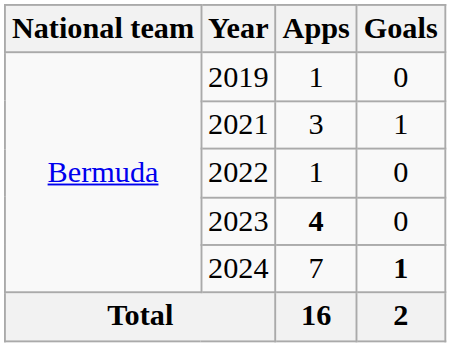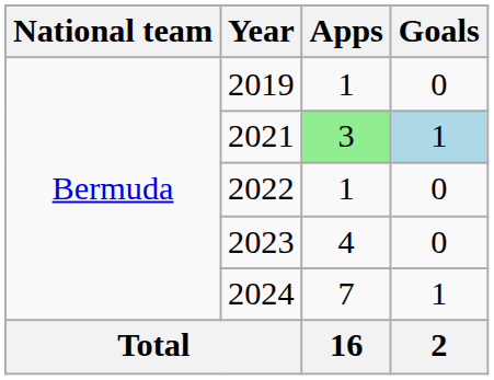 <table class="wikitable" style="text-align: center;">
 <tr>
 <th>National team</th>
 <th>Year</th>
 <th>Apps</th>
 <th>Goals</th>
 </tr>
 <tr>
 <td rowspan="5"><a href='#'>Bermuda</a></td>
 <td>2019</td>
 <td>1</td>
 <td>0</td>
 </tr>
 <tr>
 <td>2021</td>
-<td>3</td>
-<td>1</td>
+<td style="background: lightgreen;">3</td>
+<td style="background: lightblue;">1</td>
 </tr>
 <tr>
 <td>2022</td>
 <td>1</td>
 <td>0</td>
 </tr>
 <tr>
 <td>2023</td>
-<td><strong>4</strong></td>
+<td>4</td>
 <td>0</td>
 </tr>
 <tr>
 <td>2024</td>
 <td>7</td>
-<td><strong>1</strong></td>
+<td>1</td>
 </tr>
 <tr>
 <th colspan="2">Total</th>
 <th>16</th>
 <th>2</th>
 </tr>
 </table>
